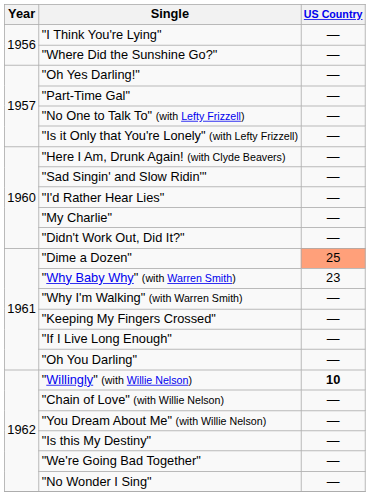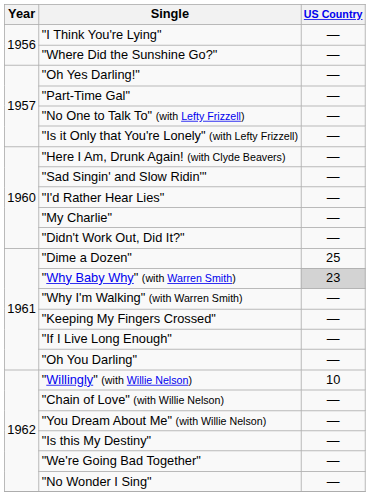 <table class="wikitable">
 <tr>
 <th>Year</th>
 <th>Single</th>
 <th><small><a href='#'>US Country</a></small></th>
 </tr>
 <tr>
 <td rowspan="2">1956</td>
 <td>"I Think You're Lying"</td>
 <td align="center">—</td>
 </tr>
 <tr>
 <td>"Where Did the Sunshine Go?"</td>
 <td align="center">—</td>
 </tr>
 <tr>
 <td rowspan="4">1957</td>
 <td>"Oh Yes Darling!"</td>
 <td align="center">—</td>
 </tr>
 <tr>
 <td>"Part-Time Gal"</td>
 <td align="center">—</td>
 </tr>
 <tr>
 <td>"No One to Talk To" <small>(with <a href='#'>Lefty Frizzell</a>)</small></td>
 <td align="center">—</td>
 </tr>
 <tr>
 <td>"Is it Only that You're Lonely" <small>(with Lefty Frizzell)</small></td>
 <td align="center">—</td>
 </tr>
 <tr>
 <td rowspan="5">1960</td>
 <td>"Here I Am, Drunk Again! <small>(with Clyde Beavers)</small></td>
 <td align="center">—</td>
 </tr>
 <tr>
 <td>"Sad Singin' and Slow Ridin'"</td>
 <td align="center">—</td>
 </tr>
 <tr>
 <td>"I'd Rather Hear Lies"</td>
 <td align="center">—</td>
 </tr>
 <tr>
 <td>"My Charlie"</td>
 <td align="center">—</td>
 </tr>
 <tr>
 <td>"Didn't Work Out, Did It?"</td>
 <td align="center">—</td>
 </tr>
 <tr>
 <td rowspan="6">1961</td>
 <td>"Dime a Dozen"</td>
-<td align="Center" style="background: lightsalmon;">25</td>
+<td align="Center">25</td>
 </tr>
 <tr>
 <td>"<a href='#'>Why Baby Why</a>" <small>(with <a href='#'>Warren Smith</a>)</small></td>
-<td align="Center">23</td>
+<td align="Center" style="background: lightgrey;">23</td>
 </tr>
 <tr>
 <td>"Why I'm Walking" <small>(with Warren Smith)</small></td>
 <td align="center">—</td>
 </tr>
 <tr>
 <td>"Keeping My Fingers Crossed"</td>
 <td align="center">—</td>
 </tr>
 <tr>
 <td>"If I Live Long Enough"</td>
 <td align="center">—</td>
 </tr>
 <tr>
 <td>"Oh You Darling"</td>
 <td align="center">—</td>
 </tr>
 <tr>
 <td rowspan="6">1962</td>
 <td>"<a href='#'>Willingly</a>" <small>(with <a href='#'>Willie Nelson</a>)</small></td>
-<td align="Center"><strong>10</strong></td>
+<td align="Center">10</td>
 </tr>
 <tr>
 <td>"Chain of Love" <small>(with Willie Nelson)</small></td>
 <td align="center">—</td>
 </tr>
 <tr>
 <td>"You Dream About Me" <small>(with Willie Nelson)</small></td>
 <td align="center">—</td>
 </tr>
 <tr>
 <td>"Is this My Destiny"</td>
 <td align="center">—</td>
 </tr>
 <tr>
 <td>"We're Going Bad Together"</td>
 <td align="center">—</td>
 </tr>
 <tr>
 <td>"No Wonder I Sing"</td>
 <td align="center">—</td>
 </tr>
 <tr>
 </tr>
 </table>
